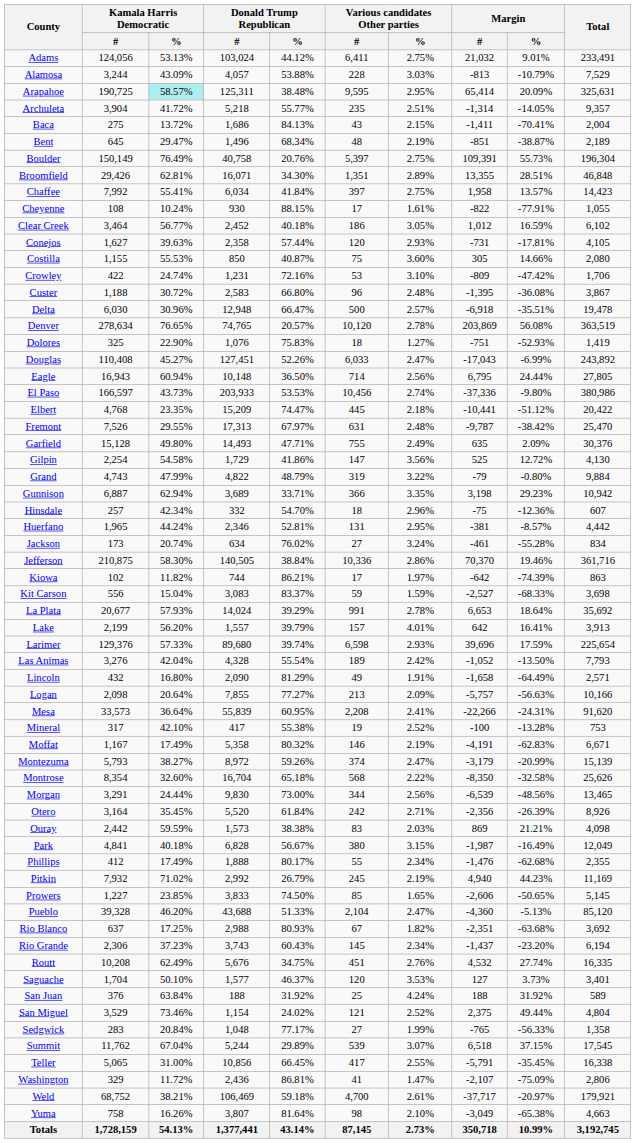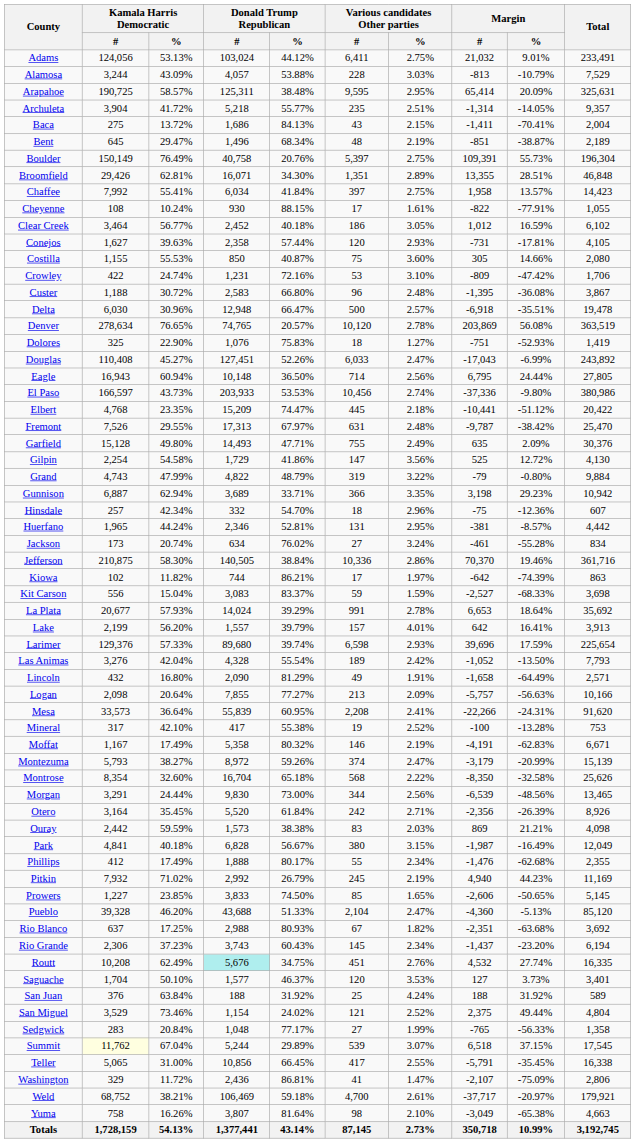 <table width="60%"  class="wikitable sortable" style="text-align:center">
 <tr>
 <th style="text-align:center;" rowspan="2">County</th>
 <th style="text-align:center;" colspan="2">Kamala Harris<br>Democratic</th>
 <th style="text-align:center;" colspan="2">Donald Trump<br>Republican</th>
 <th style="text-align:center;" colspan="2">Various candidates<br>Other parties</th>
 <th style="text-align:center;" colspan="2">Margin</th>
 <th style="text-align:center;" rowspan="2">Total</th>
 </tr>
 <tr>
 <th style="text-align:center;" data-sort-type="number">#</th>
 <th style="text-align:center;" data-sort-type="number">%</th>
 <th style="text-align:center;" data-sort-type="number">#</th>
 <th style="text-align:center;" data-sort-type="number">%</th>
 <th style="text-align:center;" data-sort-type="number">#</th>
 <th style="text-align:center;" data-sort-type="number">%</th>
 <th style="text-align:center;" data-sort-type="number">#</th>
 <th style="text-align:center;" data-sort-type="number">%</th>
 </tr>
 <tr style="text-align:center;">
 <td><a href='#'>Adams</a></td>
 <td>124,056</td>
 <td>53.13%</td>
 <td>103,024</td>
 <td>44.12%</td>
 <td>6,411</td>
 <td>2.75%</td>
 <td>21,032</td>
 <td>9.01%</td>
 <td>233,491</td>
 </tr>
 <tr style="text-align:center;">
 <td><a href='#'>Alamosa</a></td>
 <td>3,244</td>
 <td>43.09%</td>
 <td>4,057</td>
 <td>53.88%</td>
 <td>228</td>
 <td>3.03%</td>
 <td>-813</td>
 <td>-10.79%</td>
 <td>7,529</td>
 </tr>
 <tr style="text-align:center;">
 <td><a href='#'>Arapahoe</a></td>
 <td>190,725</td>
-<td style="background: paleturquoise;">58.57%</td>
+<td>58.57%</td>
 <td>125,311</td>
 <td>38.48%</td>
 <td>9,595</td>
 <td>2.95%</td>
 <td>65,414</td>
 <td>20.09%</td>
 <td>325,631</td>
 </tr>
 <tr style="text-align:center;">
 <td><a href='#'>Archuleta</a></td>
 <td>3,904</td>
 <td>41.72%</td>
 <td>5,218</td>
 <td>55.77%</td>
 <td>235</td>
 <td>2.51%</td>
 <td>-1,314</td>
 <td>-14.05%</td>
 <td>9,357</td>
 </tr>
 <tr style="text-align:center;">
 <td><a href='#'>Baca</a></td>
 <td>275</td>
 <td>13.72%</td>
 <td>1,686</td>
 <td>84.13%</td>
 <td>43</td>
 <td>2.15%</td>
 <td>-1,411</td>
 <td>-70.41%</td>
 <td>2,004</td>
 </tr>
 <tr style="text-align:center;">
 <td><a href='#'>Bent</a></td>
 <td>645</td>
 <td>29.47%</td>
 <td>1,496</td>
 <td>68.34%</td>
 <td>48</td>
 <td>2.19%</td>
 <td>-851</td>
 <td>-38.87%</td>
 <td>2,189</td>
 </tr>
 <tr style="text-align:center;">
 <td><a href='#'>Boulder</a></td>
 <td>150,149</td>
 <td>76.49%</td>
 <td>40,758</td>
 <td>20.76%</td>
 <td>5,397</td>
 <td>2.75%</td>
 <td>109,391</td>
 <td>55.73%</td>
 <td>196,304</td>
 </tr>
 <tr style="text-align:center;">
 <td><a href='#'>Broomfield</a></td>
 <td>29,426</td>
 <td>62.81%</td>
 <td>16,071</td>
 <td>34.30%</td>
 <td>1,351</td>
 <td>2.89%</td>
 <td>13,355</td>
 <td>28.51%</td>
 <td>46,848</td>
 </tr>
 <tr style="text-align:center;">
 <td><a href='#'>Chaffee</a></td>
 <td>7,992</td>
 <td>55.41%</td>
 <td>6,034</td>
 <td>41.84%</td>
 <td>397</td>
 <td>2.75%</td>
 <td>1,958</td>
 <td>13.57%</td>
 <td>14,423</td>
 </tr>
 <tr style="text-align:center;">
 <td><a href='#'>Cheyenne</a></td>
 <td>108</td>
 <td>10.24%</td>
 <td>930</td>
 <td>88.15%</td>
 <td>17</td>
 <td>1.61%</td>
 <td>-822</td>
 <td>-77.91%</td>
 <td>1,055</td>
 </tr>
 <tr style="text-align:center;">
 <td><a href='#'>Clear Creek</a></td>
 <td>3,464</td>
 <td>56.77%</td>
 <td>2,452</td>
 <td>40.18%</td>
 <td>186</td>
 <td>3.05%</td>
 <td>1,012</td>
 <td>16.59%</td>
 <td>6,102</td>
 </tr>
 <tr style="text-align:center;">
 <td><a href='#'>Conejos</a></td>
 <td>1,627</td>
 <td>39.63%</td>
 <td>2,358</td>
 <td>57.44%</td>
 <td>120</td>
 <td>2.93%</td>
 <td>-731</td>
 <td>-17.81%</td>
 <td>4,105</td>
 </tr>
 <tr style="text-align:center;">
 <td><a href='#'>Costilla</a></td>
 <td>1,155</td>
 <td>55.53%</td>
 <td>850</td>
 <td>40.87%</td>
 <td>75</td>
 <td>3.60%</td>
 <td>305</td>
 <td>14.66%</td>
 <td>2,080</td>
 </tr>
 <tr style="text-align:center;">
 <td><a href='#'>Crowley</a></td>
 <td>422</td>
 <td>24.74%</td>
 <td>1,231</td>
 <td>72.16%</td>
 <td>53</td>
 <td>3.10%</td>
 <td>-809</td>
 <td>-47.42%</td>
 <td>1,706</td>
 </tr>
 <tr style="text-align:center;">
 <td><a href='#'>Custer</a></td>
 <td>1,188</td>
 <td>30.72%</td>
 <td>2,583</td>
 <td>66.80%</td>
 <td>96</td>
 <td>2.48%</td>
 <td>-1,395</td>
 <td>-36.08%</td>
 <td>3,867</td>
 </tr>
 <tr style="text-align:center;">
 <td><a href='#'>Delta</a></td>
 <td>6,030</td>
 <td>30.96%</td>
 <td>12,948</td>
 <td>66.47%</td>
 <td>500</td>
 <td>2.57%</td>
 <td>-6,918</td>
 <td>-35.51%</td>
 <td>19,478</td>
 </tr>
 <tr style="text-align:center;">
 <td><a href='#'>Denver</a></td>
 <td>278,634</td>
 <td>76.65%</td>
 <td>74,765</td>
 <td>20.57%</td>
 <td>10,120</td>
 <td>2.78%</td>
 <td>203,869</td>
 <td>56.08%</td>
 <td>363,519</td>
 </tr>
 <tr style="text-align:center;">
 <td><a href='#'>Dolores</a></td>
 <td>325</td>
 <td>22.90%</td>
 <td>1,076</td>
 <td>75.83%</td>
 <td>18</td>
 <td>1.27%</td>
 <td>-751</td>
 <td>-52.93%</td>
 <td>1,419</td>
 </tr>
 <tr style="text-align:center;">
 <td><a href='#'>Douglas</a></td>
 <td>110,408</td>
 <td>45.27%</td>
 <td>127,451</td>
 <td>52.26%</td>
 <td>6,033</td>
 <td>2.47%</td>
 <td>-17,043</td>
 <td>-6.99%</td>
 <td>243,892</td>
 </tr>
 <tr style="text-align:center;">
 <td><a href='#'>Eagle</a></td>
 <td>16,943</td>
 <td>60.94%</td>
 <td>10,148</td>
 <td>36.50%</td>
 <td>714</td>
 <td>2.56%</td>
 <td>6,795</td>
 <td>24.44%</td>
 <td>27,805</td>
 </tr>
 <tr style="text-align:center;">
 <td><a href='#'>El Paso</a></td>
 <td>166,597</td>
 <td>43.73%</td>
 <td>203,933</td>
 <td>53.53%</td>
 <td>10,456</td>
 <td>2.74%</td>
 <td>-37,336</td>
 <td>-9.80%</td>
 <td>380,986</td>
 </tr>
 <tr style="text-align:center;">
 <td><a href='#'>Elbert</a></td>
 <td>4,768</td>
 <td>23.35%</td>
 <td>15,209</td>
 <td>74.47%</td>
 <td>445</td>
 <td>2.18%</td>
 <td>-10,441</td>
 <td>-51.12%</td>
 <td>20,422</td>
 </tr>
 <tr style="text-align:center;">
 <td><a href='#'>Fremont</a></td>
 <td>7,526</td>
 <td>29.55%</td>
 <td>17,313</td>
 <td>67.97%</td>
 <td>631</td>
 <td>2.48%</td>
 <td>-9,787</td>
 <td>-38.42%</td>
 <td>25,470</td>
 </tr>
 <tr style="text-align:center;">
 <td><a href='#'>Garfield</a></td>
 <td>15,128</td>
 <td>49.80%</td>
 <td>14,493</td>
 <td>47.71%</td>
 <td>755</td>
 <td>2.49%</td>
 <td>635</td>
 <td>2.09%</td>
 <td>30,376</td>
 </tr>
 <tr style="text-align:center;">
 <td><a href='#'>Gilpin</a></td>
 <td>2,254</td>
 <td>54.58%</td>
 <td>1,729</td>
 <td>41.86%</td>
 <td>147</td>
 <td>3.56%</td>
 <td>525</td>
 <td>12.72%</td>
 <td>4,130</td>
 </tr>
 <tr style="text-align:center;">
 <td><a href='#'>Grand</a></td>
 <td>4,743</td>
 <td>47.99%</td>
 <td>4,822</td>
 <td>48.79%</td>
 <td>319</td>
 <td>3.22%</td>
 <td>-79</td>
 <td>-0.80%</td>
 <td>9,884</td>
 </tr>
 <tr style="text-align:center;">
 <td><a href='#'>Gunnison</a></td>
 <td>6,887</td>
 <td>62.94%</td>
 <td>3,689</td>
 <td>33.71%</td>
 <td>366</td>
 <td>3.35%</td>
 <td>3,198</td>
 <td>29.23%</td>
 <td>10,942</td>
 </tr>
 <tr style="text-align:center;">
 <td><a href='#'>Hinsdale</a></td>
 <td>257</td>
 <td>42.34%</td>
 <td>332</td>
 <td>54.70%</td>
 <td>18</td>
 <td>2.96%</td>
 <td>-75</td>
 <td>-12.36%</td>
 <td>607</td>
 </tr>
 <tr style="text-align:center;">
 <td><a href='#'>Huerfano</a></td>
 <td>1,965</td>
 <td>44.24%</td>
 <td>2,346</td>
 <td>52.81%</td>
 <td>131</td>
 <td>2.95%</td>
 <td>-381</td>
 <td>-8.57%</td>
 <td>4,442</td>
 </tr>
 <tr style="text-align:center;">
 <td><a href='#'>Jackson</a></td>
 <td>173</td>
 <td>20.74%</td>
 <td>634</td>
 <td>76.02%</td>
 <td>27</td>
 <td>3.24%</td>
 <td>-461</td>
 <td>-55.28%</td>
 <td>834</td>
 </tr>
 <tr style="text-align:center;">
 <td><a href='#'>Jefferson</a></td>
 <td>210,875</td>
 <td>58.30%</td>
 <td>140,505</td>
 <td>38.84%</td>
 <td>10,336</td>
 <td>2.86%</td>
 <td>70,370</td>
 <td>19.46%</td>
 <td>361,716</td>
 </tr>
 <tr style="text-align:center;">
 <td><a href='#'>Kiowa</a></td>
 <td>102</td>
 <td>11.82%</td>
 <td>744</td>
 <td>86.21%</td>
 <td>17</td>
 <td>1.97%</td>
 <td>-642</td>
 <td>-74.39%</td>
 <td>863</td>
 </tr>
 <tr style="text-align:center;">
 <td><a href='#'>Kit Carson</a></td>
 <td>556</td>
 <td>15.04%</td>
 <td>3,083</td>
 <td>83.37%</td>
 <td>59</td>
 <td>1.59%</td>
 <td>-2,527</td>
 <td>-68.33%</td>
 <td>3,698</td>
 </tr>
 <tr style="text-align:center;">
 <td><a href='#'>La Plata</a></td>
 <td>20,677</td>
 <td>57.93%</td>
 <td>14,024</td>
 <td>39.29%</td>
 <td>991</td>
 <td>2.78%</td>
 <td>6,653</td>
 <td>18.64%</td>
 <td>35,692</td>
 </tr>
 <tr style="text-align:center;">
 <td><a href='#'>Lake</a></td>
 <td>2,199</td>
 <td>56.20%</td>
 <td>1,557</td>
 <td>39.79%</td>
 <td>157</td>
 <td>4.01%</td>
 <td>642</td>
 <td>16.41%</td>
 <td>3,913</td>
 </tr>
 <tr style="text-align:center;">
 <td><a href='#'>Larimer</a></td>
 <td>129,376</td>
 <td>57.33%</td>
 <td>89,680</td>
 <td>39.74%</td>
 <td>6,598</td>
 <td>2.93%</td>
 <td>39,696</td>
 <td>17.59%</td>
 <td>225,654</td>
 </tr>
 <tr style="text-align:center;">
 <td><a href='#'>Las Animas</a></td>
 <td>3,276</td>
 <td>42.04%</td>
 <td>4,328</td>
 <td>55.54%</td>
 <td>189</td>
 <td>2.42%</td>
 <td>-1,052</td>
 <td>-13.50%</td>
 <td>7,793</td>
 </tr>
 <tr style="text-align:center;">
 <td><a href='#'>Lincoln</a></td>
 <td>432</td>
 <td>16.80%</td>
 <td>2,090</td>
 <td>81.29%</td>
 <td>49</td>
 <td>1.91%</td>
 <td>-1,658</td>
 <td>-64.49%</td>
 <td>2,571</td>
 </tr>
 <tr style="text-align:center;">
 <td><a href='#'>Logan</a></td>
 <td>2,098</td>
 <td>20.64%</td>
 <td>7,855</td>
 <td>77.27%</td>
 <td>213</td>
 <td>2.09%</td>
 <td>-5,757</td>
 <td>-56.63%</td>
 <td>10,166</td>
 </tr>
 <tr style="text-align:center;">
 <td><a href='#'>Mesa</a></td>
 <td>33,573</td>
 <td>36.64%</td>
 <td>55,839</td>
 <td>60.95%</td>
 <td>2,208</td>
 <td>2.41%</td>
 <td>-22,266</td>
 <td>-24.31%</td>
 <td>91,620</td>
 </tr>
 <tr style="text-align:center;">
 <td><a href='#'>Mineral</a></td>
 <td>317</td>
 <td>42.10%</td>
 <td>417</td>
 <td>55.38%</td>
 <td>19</td>
 <td>2.52%</td>
 <td>-100</td>
 <td>-13.28%</td>
 <td>753</td>
 </tr>
 <tr style="text-align:center;">
 <td><a href='#'>Moffat</a></td>
 <td>1,167</td>
 <td>17.49%</td>
 <td>5,358</td>
 <td>80.32%</td>
 <td>146</td>
 <td>2.19%</td>
 <td>-4,191</td>
 <td>-62.83%</td>
 <td>6,671</td>
 </tr>
 <tr style="text-align:center;">
 <td><a href='#'>Montezuma</a></td>
 <td>5,793</td>
 <td>38.27%</td>
 <td>8,972</td>
 <td>59.26%</td>
 <td>374</td>
 <td>2.47%</td>
 <td>-3,179</td>
 <td>-20.99%</td>
 <td>15,139</td>
 </tr>
 <tr style="text-align:center;">
 <td><a href='#'>Montrose</a></td>
 <td>8,354</td>
 <td>32.60%</td>
 <td>16,704</td>
 <td>65.18%</td>
 <td>568</td>
 <td>2.22%</td>
 <td>-8,350</td>
 <td>-32.58%</td>
 <td>25,626</td>
 </tr>
 <tr style="text-align:center;">
 <td><a href='#'>Morgan</a></td>
 <td>3,291</td>
 <td>24.44%</td>
 <td>9,830</td>
 <td>73.00%</td>
 <td>344</td>
 <td>2.56%</td>
 <td>-6,539</td>
 <td>-48.56%</td>
 <td>13,465</td>
 </tr>
 <tr style="text-align:center;">
 <td><a href='#'>Otero</a></td>
 <td>3,164</td>
 <td>35.45%</td>
 <td>5,520</td>
 <td>61.84%</td>
 <td>242</td>
 <td>2.71%</td>
 <td>-2,356</td>
 <td>-26.39%</td>
 <td>8,926</td>
 </tr>
 <tr style="text-align:center;">
 <td><a href='#'>Ouray</a></td>
 <td>2,442</td>
 <td>59.59%</td>
 <td>1,573</td>
 <td>38.38%</td>
 <td>83</td>
 <td>2.03%</td>
 <td>869</td>
 <td>21.21%</td>
 <td>4,098</td>
 </tr>
 <tr style="text-align:center;">
 <td><a href='#'>Park</a></td>
 <td>4,841</td>
 <td>40.18%</td>
 <td>6,828</td>
 <td>56.67%</td>
 <td>380</td>
 <td>3.15%</td>
 <td>-1,987</td>
 <td>-16.49%</td>
 <td>12,049</td>
 </tr>
 <tr style="text-align:center;">
 <td><a href='#'>Phillips</a></td>
 <td>412</td>
 <td>17.49%</td>
 <td>1,888</td>
 <td>80.17%</td>
 <td>55</td>
 <td>2.34%</td>
 <td>-1,476</td>
 <td>-62.68%</td>
 <td>2,355</td>
 </tr>
 <tr style="text-align:center;">
 <td><a href='#'>Pitkin</a></td>
 <td>7,932</td>
 <td>71.02%</td>
 <td>2,992</td>
 <td>26.79%</td>
 <td>245</td>
 <td>2.19%</td>
 <td>4,940</td>
 <td>44.23%</td>
 <td>11,169</td>
 </tr>
 <tr style="text-align:center;">
 <td><a href='#'>Prowers</a></td>
 <td>1,227</td>
 <td>23.85%</td>
 <td>3,833</td>
 <td>74.50%</td>
 <td>85</td>
 <td>1.65%</td>
 <td>-2,606</td>
 <td>-50.65%</td>
 <td>5,145</td>
 </tr>
 <tr style="text-align:center;">
 <td><a href='#'>Pueblo</a></td>
 <td>39,328</td>
 <td>46.20%</td>
 <td>43,688</td>
 <td>51.33%</td>
 <td>2,104</td>
 <td>2.47%</td>
 <td>-4,360</td>
 <td>-5.13%</td>
 <td>85,120</td>
 </tr>
 <tr style="text-align:center;">
 <td><a href='#'>Rio Blanco</a></td>
 <td>637</td>
 <td>17.25%</td>
 <td>2,988</td>
 <td>80.93%</td>
 <td>67</td>
 <td>1.82%</td>
 <td>-2,351</td>
 <td>-63.68%</td>
 <td>3,692</td>
 </tr>
 <tr style="text-align:center;">
 <td><a href='#'>Rio Grande</a></td>
 <td>2,306</td>
 <td>37.23%</td>
 <td>3,743</td>
 <td>60.43%</td>
 <td>145</td>
 <td>2.34%</td>
 <td>-1,437</td>
 <td>-23.20%</td>
 <td>6,194</td>
 </tr>
 <tr style="text-align:center;">
 <td><a href='#'>Routt</a></td>
 <td>10,208</td>
 <td>62.49%</td>
-<td>5,676</td>
+<td style="background: paleturquoise;">5,676</td>
 <td>34.75%</td>
 <td>451</td>
 <td>2.76%</td>
 <td>4,532</td>
 <td>27.74%</td>
 <td>16,335</td>
 </tr>
 <tr style="text-align:center;">
 <td><a href='#'>Saguache</a></td>
 <td>1,704</td>
 <td>50.10%</td>
 <td>1,577</td>
 <td>46.37%</td>
 <td>120</td>
 <td>3.53%</td>
 <td>127</td>
 <td>3.73%</td>
 <td>3,401</td>
 </tr>
 <tr style="text-align:center;">
 <td><a href='#'>San Juan</a></td>
 <td>376</td>
 <td>63.84%</td>
 <td>188</td>
 <td>31.92%</td>
 <td>25</td>
 <td>4.24%</td>
 <td>188</td>
 <td>31.92%</td>
 <td>589</td>
 </tr>
 <tr style="text-align:center;">
 <td><a href='#'>San Miguel</a></td>
 <td>3,529</td>
 <td>73.46%</td>
 <td>1,154</td>
 <td>24.02%</td>
 <td>121</td>
 <td>2.52%</td>
 <td>2,375</td>
 <td>49.44%</td>
 <td>4,804</td>
 </tr>
 <tr style="text-align:center;">
 <td><a href='#'>Sedgwick</a></td>
 <td>283</td>
 <td>20.84%</td>
 <td>1,048</td>
 <td>77.17%</td>
 <td>27</td>
 <td>1.99%</td>
 <td>-765</td>
 <td>-56.33%</td>
 <td>1,358</td>
 </tr>
 <tr style="text-align:center;">
 <td><a href='#'>Summit</a></td>
-<td>11,762</td>
+<td style="background: lightyellow;">11,762</td>
 <td>67.04%</td>
 <td>5,244</td>
 <td>29.89%</td>
 <td>539</td>
 <td>3.07%</td>
 <td>6,518</td>
 <td>37.15%</td>
 <td>17,545</td>
 </tr>
 <tr style="text-align:center;">
 <td><a href='#'>Teller</a></td>
 <td>5,065</td>
 <td>31.00%</td>
 <td>10,856</td>
 <td>66.45%</td>
 <td>417</td>
 <td>2.55%</td>
 <td>-5,791</td>
 <td>-35.45%</td>
 <td>16,338</td>
 </tr>
 <tr style="text-align:center;">
 <td><a href='#'>Washington</a></td>
 <td>329</td>
 <td>11.72%</td>
 <td>2,436</td>
 <td>86.81%</td>
 <td>41</td>
 <td>1.47%</td>
 <td>-2,107</td>
 <td>-75.09%</td>
 <td>2,806</td>
 </tr>
 <tr style="text-align:center;">
 <td><a href='#'>Weld</a></td>
 <td>68,752</td>
 <td>38.21%</td>
 <td>106,469</td>
 <td>59.18%</td>
 <td>4,700</td>
 <td>2.61%</td>
 <td>-37,717</td>
 <td>-20.97%</td>
 <td>179,921</td>
 </tr>
 <tr style="text-align:center;">
 <td><a href='#'>Yuma</a></td>
 <td>758</td>
 <td>16.26%</td>
 <td>3,807</td>
 <td>81.64%</td>
 <td>98</td>
 <td>2.10%</td>
 <td>-3,049</td>
 <td>-65.38%</td>
 <td>4,663</td>
 </tr>
 <tr>
 <th>Totals</th>
 <th>1,728,159</th>
 <th>54.13%</th>
 <th>1,377,441</th>
 <th>43.14%</th>
 <th>87,145</th>
 <th>2.73%</th>
 <th>350,718</th>
 <th>10.99%</th>
 <th>3,192,745</th>
 </tr>
 </table>
